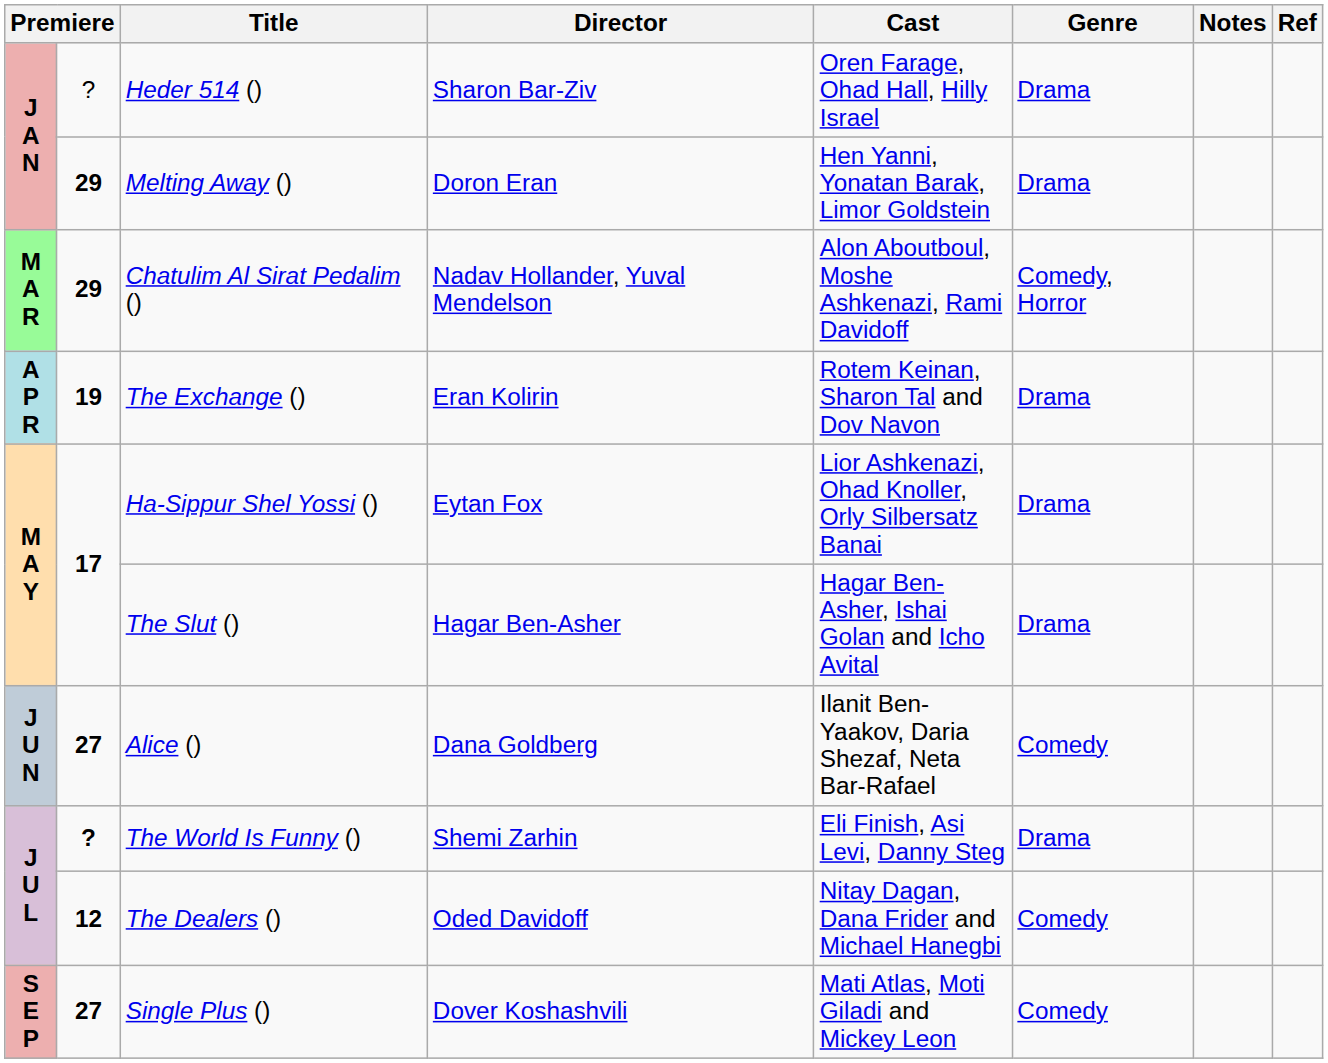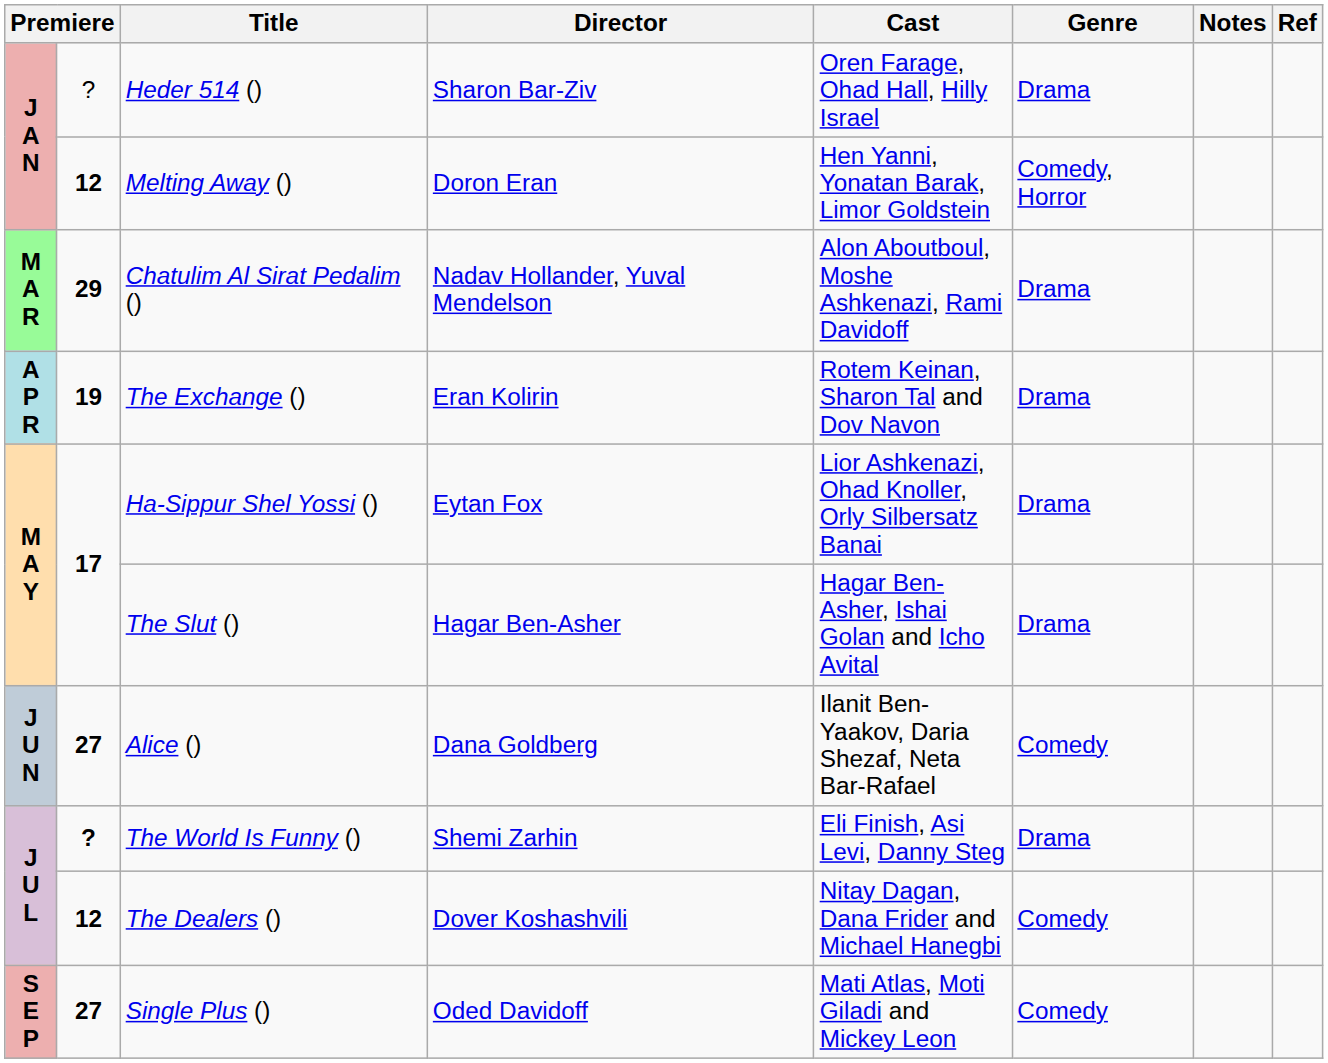 <table class="wikitable sortable">
 <tr>
 <th colspan="2"><strong>Premiere</strong></th>
 <th>Title</th>
 <th>Director</th>
 <th width=15%>Cast</th>
 <th>Genre</th>
 <th>Notes</th>
 <th>Ref</th>
 </tr>
 <tr>
 <td rowspan="2" align="center" style="background:#edafaf"><strong>J</strong><br><strong>A</strong><br><strong>N</strong></td>
 <td rowspan="1" align="center">?</td>
 <td><em><a href='#'>Heder 514</a></em> ()</td>
 <td><a href='#'>Sharon Bar-Ziv</a></td>
 <td><a href='#'>Oren Farage</a>, <a href='#'>Ohad Hall</a>, <a href='#'>Hilly Israel</a></td>
 <td><a href='#'>Drama</a></td>
 <td></td>
 <td></td>
 </tr>
 <tr>
-<td style="text-align:center;"><strong>29</strong></td>
+<td rowspan="1" align="center"><strong>12</strong></td>
 <td><em><a href='#'>Melting Away</a></em> ()</td>
 <td><a href='#'>Doron Eran</a></td>
 <td><a href='#'>Hen Yanni</a>, <a href='#'>Yonatan Barak</a>, <a href='#'>Limor Goldstein</a></td>
-<td><a href='#'>Drama</a></td>
+<td><a href='#'>Comedy</a>, <a href='#'>Horror</a></td>
 <td></td>
 <td></td>
 </tr>
 <tr>
 <td style="text-align:center; background:#98fb98; textcolor:#000;"><strong>M<br>A<br>R</strong></td>
 <td style="text-align:center;"><strong>29</strong></td>
 <td><em><a href='#'>Chatulim Al Sirat Pedalim</a></em> ()</td>
 <td><a href='#'>Nadav Hollander</a>, <a href='#'>Yuval Mendelson</a></td>
 <td><a href='#'>Alon Aboutboul</a>, <a href='#'>Moshe Ashkenazi</a>, <a href='#'>Rami Davidoff</a></td>
-<td><a href='#'>Comedy</a>, <a href='#'>Horror</a></td>
+<td><a href='#'>Drama</a></td>
 <td></td>
 <td></td>
 </tr>
 <tr>
 <td rowspan="1" valign="center" align="center" style="background:#B0E0E6; textcolor:#000;"><strong>A<br>P<br>R</strong></td>
 <td rowspan="1" align="center"><strong>19</strong></td>
 <td><em><a href='#'>The Exchange</a></em> ()</td>
 <td><a href='#'>Eran Kolirin</a></td>
 <td><a href='#'>Rotem Keinan</a>, <a href='#'>Sharon Tal</a> and <a href='#'>Dov Navon</a></td>
 <td><a href='#'>Drama</a></td>
 <td></td>
 <td></td>
 </tr>
 <tr>
 <td rowspan="2" valign="center" align="center" style="background:#FFDEAD; textcolor:#000;"><strong>M<br>A<br>Y</strong></td>
 <td rowspan="2" align="center"><strong>17</strong></td>
 <td><em><a href='#'>Ha-Sippur Shel Yossi</a></em> ()</td>
 <td><a href='#'>Eytan Fox</a></td>
 <td><a href='#'>Lior Ashkenazi</a>, <a href='#'>Ohad Knoller</a>, <a href='#'>Orly Silbersatz Banai</a></td>
 <td><a href='#'>Drama</a></td>
 <td></td>
 <td></td>
 </tr>
 <tr>
 <td><em><a href='#'>The Slut</a></em> ()</td>
 <td><a href='#'>Hagar Ben-Asher</a></td>
 <td><a href='#'>Hagar Ben-Asher</a>, <a href='#'>Ishai Golan</a> and <a href='#'>Icho Avital</a></td>
 <td><a href='#'>Drama</a></td>
 <td></td>
 <td></td>
 </tr>
 <tr>
 <td rowspan="1" valign="center" align="center" style="background:#BFCCD8; textcolor:#000;"><strong>J<br>U<br>N</strong></td>
 <td rowspan="1" align="center"><strong>27</strong></td>
 <td><em><a href='#'>Alice</a></em> ()</td>
 <td><a href='#'>Dana Goldberg</a></td>
 <td>Ilanit Ben-Yaakov, Daria Shezaf, Neta Bar-Rafael</td>
 <td><a href='#'>Comedy</a></td>
 <td></td>
 <td></td>
 </tr>
 <tr>
 <td rowspan="2" valign="center" align="center" style="background:#D8BFD8; textcolor:#000;"><strong>J<br>U<br>L</strong></td>
 <td rowspan="1" align="center"><strong>?</strong></td>
 <td><em><a href='#'>The World Is Funny</a></em> ()</td>
 <td><a href='#'>Shemi Zarhin</a></td>
 <td><a href='#'>Eli Finish</a>, <a href='#'>Asi Levi</a>, <a href='#'>Danny Steg</a></td>
 <td><a href='#'>Drama</a></td>
 <td></td>
 <td></td>
 </tr>
 <tr>
 <td rowspan="1" align="center"><strong>12</strong></td>
 <td><em><a href='#'>The Dealers</a></em> ()</td>
-<td><a href='#'>Oded Davidoff</a></td>
+<td><a href='#'>Dover Koshashvili</a></td>
 <td><a href='#'>Nitay Dagan</a>, <a href='#'>Dana Frider</a> and <a href='#'>Michael Hanegbi</a></td>
 <td><a href='#'>Comedy</a></td>
 <td></td>
 <td></td>
 </tr>
 <tr>
 <td style="text-align:center; background:#edafaf; textcolor:#000;"><strong>S<br>E<br>P</strong></td>
 <td style="text-align:center;"><strong>27</strong></td>
 <td><em><a href='#'>Single Plus</a></em> ()</td>
-<td><a href='#'>Dover Koshashvili</a></td>
+<td><a href='#'>Oded Davidoff</a></td>
 <td><a href='#'>Mati Atlas</a>, <a href='#'>Moti Giladi</a> and <a href='#'>Mickey Leon</a></td>
 <td><a href='#'>Comedy</a></td>
 <td></td>
 <td></td>
 </tr>
 </table>
